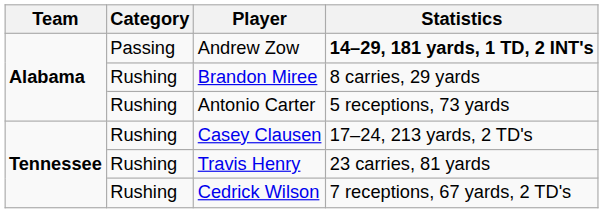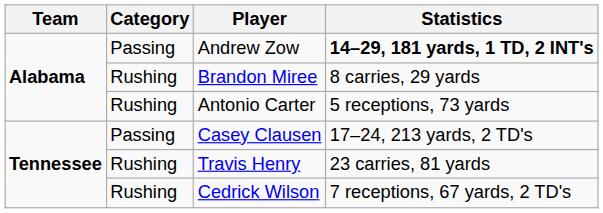 <table class="wikitable" style="float: right;">
 <tr>
 <th>Team</th>
 <th>Category</th>
 <th>Player</th>
 <th>Statistics</th>
 </tr>
 <tr>
 <td rowspan=3><strong>Alabama</strong></td>
 <td>Passing</td>
 <td>Andrew Zow</td>
 <td><strong>14–29, 181 yards, 1 TD, 2 INT's</strong></td>
 </tr>
 <tr>
 <td>Rushing</td>
 <td><a href='#'>Brandon Miree</a></td>
 <td>8 carries, 29 yards</td>
 </tr>
 <tr>
 <td>Rushing</td>
 <td>Antonio Carter</td>
 <td>5 receptions, 73 yards</td>
 </tr>
 <tr>
 <td rowspan=3><strong>Tennessee</strong></td>
-<td>Rushing</td>
+<td>Passing</td>
 <td><a href='#'>Casey Clausen</a></td>
 <td>17–24, 213 yards, 2 TD's</td>
 </tr>
 <tr>
 <td>Rushing</td>
 <td><a href='#'>Travis Henry</a></td>
 <td>23 carries, 81 yards</td>
 </tr>
 <tr>
 <td>Rushing</td>
 <td><a href='#'>Cedrick Wilson</a></td>
 <td>7 receptions, 67 yards, 2 TD's</td>
 </tr>
 </table>
